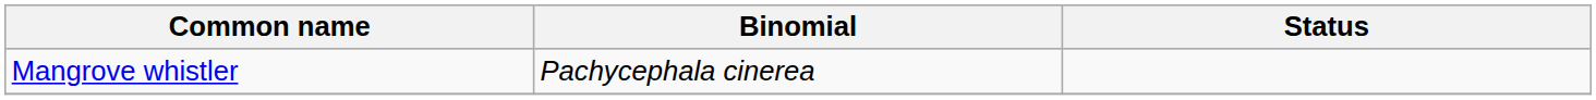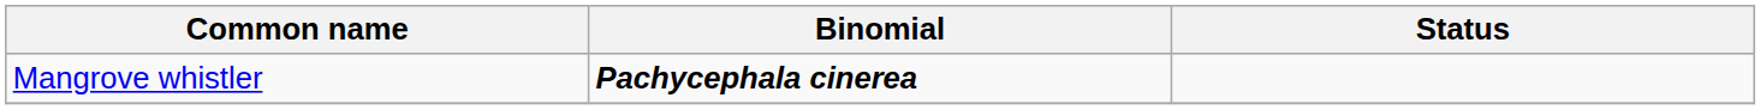 <table width=72% class="wikitable">
 <tr>
 <th width=24%>Common name</th>
 <th width=24%>Binomial</th>
 <th width=24%>Status</th>
 </tr>
 <tr>
 <td><a href='#'>Mangrove whistler</a></td>
-<td><em>Pachycephala cinerea</em></td>
+<td><strong><em>Pachycephala cinerea</em></strong></td>
 <td></td>
 </tr>
 <tr>
 </tr>
 </table>
